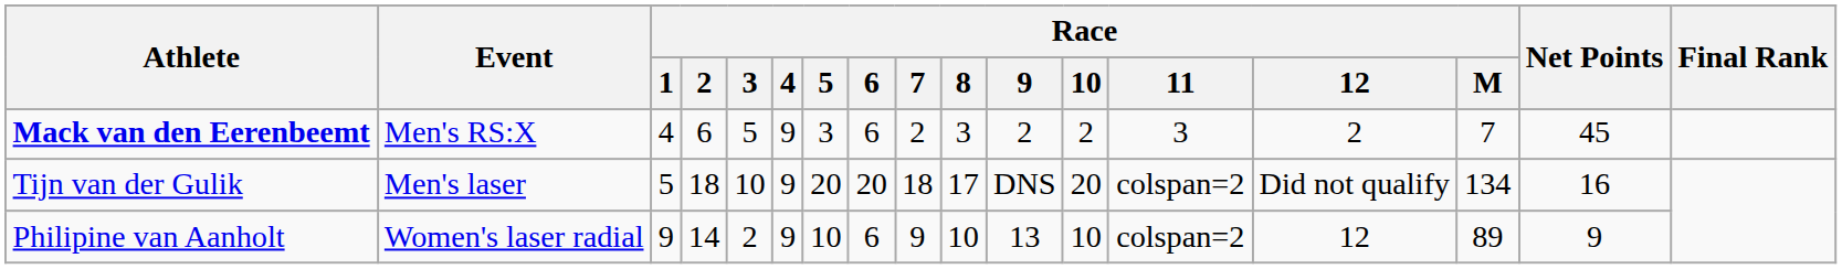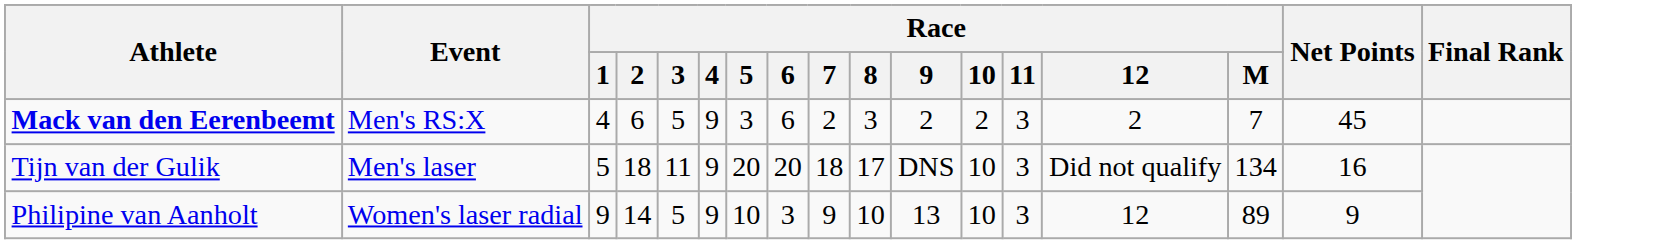 <table class="wikitable" border="1" style="font-size:90%">
 <tr>
 <th rowspan=2>Athlete</th>
 <th rowspan=2>Event</th>
 <th colspan=13>Race</th>
 <th rowspan=2>Net Points</th>
 <th rowspan=2>Final Rank</th>
 </tr>
 <tr>
 <th>1</th>
 <th>2</th>
 <th>3</th>
 <th>4</th>
 <th>5</th>
 <th>6</th>
 <th>7</th>
 <th>8</th>
 <th>9</th>
 <th>10</th>
 <th>11</th>
 <th>12</th>
 <th>M</th>
 </tr>
 <tr align=center>
 <td align=left><strong><a href='#'>Mack van den Eerenbeemt</a></strong></td>
 <td align=left><a href='#'>Men's RS:X</a></td>
 <td>4</td>
 <td>6</td>
 <td>5</td>
 <td>9</td>
 <td>3</td>
 <td>6</td>
 <td>2</td>
 <td>3</td>
 <td>2</td>
 <td>2</td>
 <td>3</td>
 <td>2</td>
 <td>7</td>
 <td>45</td>
 <td></td>
 </tr>
 <tr align=center>
 <td align=left><a href='#'>Tijn van der Gulik</a></td>
 <td align=left><a href='#'>Men's laser</a></td>
 <td>5</td>
 <td>18</td>
-<td>10</td>
+<td>11</td>
 <td>9</td>
 <td>20</td>
 <td>20</td>
 <td>18</td>
 <td>17</td>
 <td>DNS</td>
-<td>20</td>
-<td>colspan=2 </td>
+<td>10</td>
+<td>3</td>
 <td>Did not qualify</td>
 <td>134</td>
 <td>16</td>
 </tr>
 <tr align=center>
 <td align=left><a href='#'>Philipine van Aanholt</a></td>
 <td align=left><a href='#'>Women's laser radial</a></td>
 <td>9</td>
 <td>14</td>
-<td>2</td>
+<td>5</td>
 <td>9</td>
 <td>10</td>
-<td>6</td>
+<td>3</td>
 <td>9</td>
 <td>10</td>
 <td>13</td>
 <td>10</td>
-<td>colspan=2 </td>
+<td>3</td>
 <td>12</td>
 <td>89</td>
 <td>9</td>
 </tr>
 </table>
